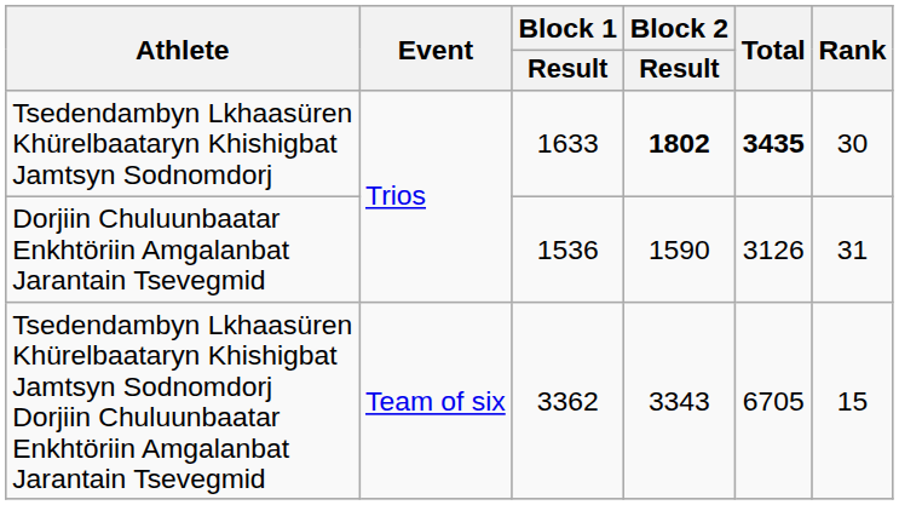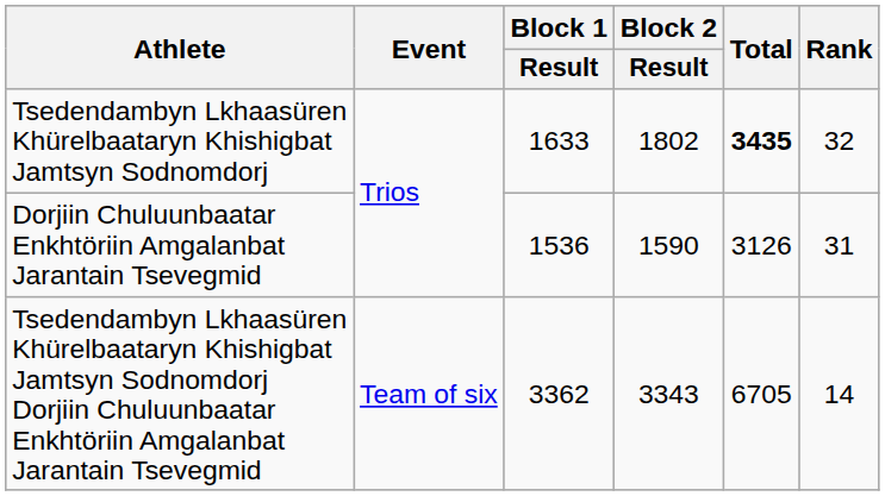 <table class=wikitable style=font-size:90%;text-align:center>
 <tr>
 <th rowspan="2">Athlete</th>
 <th rowspan="2">Event</th>
 <th>Block 1</th>
 <th>Block 2</th>
 <th rowspan="2">Total</th>
 <th rowspan="2">Rank</th>
 </tr>
 <tr style="font-size:95%">
 <th>Result</th>
 <th>Result</th>
 </tr>
 <tr>
 <td align=left>Tsedendambyn Lkhaasüren<br>Khürelbaataryn Khishigbat<br>Jamtsyn Sodnomdorj</td>
 <td align=left rowspan=2><a href='#'>Trios</a></td>
 <td>1633</td>
-<td><strong>1802</strong></td>
+<td>1802</td>
 <td><strong>3435</strong></td>
-<td>30</td>
+<td>32</td>
 </tr>
 <tr>
 <td align=left>Dorjiin Chuluunbaatar<br>Enkhtöriin Amgalanbat<br>Jarantain Tsevegmid</td>
 <td>1536</td>
 <td>1590</td>
 <td>3126</td>
 <td>31</td>
 </tr>
 <tr>
 <td align=left>Tsedendambyn Lkhaasüren<br>Khürelbaataryn Khishigbat<br>Jamtsyn Sodnomdorj<br>Dorjiin Chuluunbaatar<br>Enkhtöriin Amgalanbat<br>Jarantain Tsevegmid</td>
 <td align=left><a href='#'>Team of six</a></td>
 <td>3362</td>
 <td>3343</td>
 <td>6705</td>
-<td>15</td>
+<td>14</td>
 </tr>
 </table>
